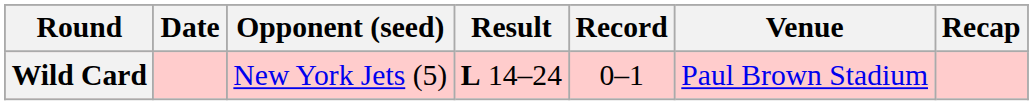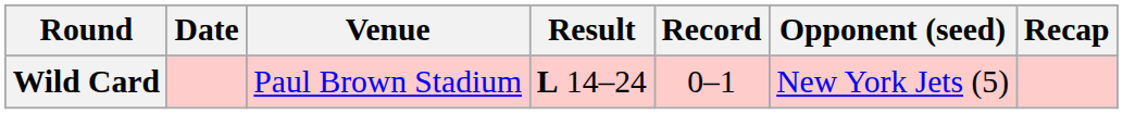 <table class="wikitable" style="text-align:center">
 <tr>
 <th>Round</th>
 <th>Date</th>
-<th>Opponent (seed)</th>
+<th>Venue</th>
 <th>Result</th>
 <th>Record</th>
-<th>Venue</th>
+<th>Opponent (seed)</th>
 <th>Recap</th>
 </tr>
 <tr style="background:#fcc">
 <th>Wild Card</th>
 <td></td>
-<td><a href='#'>New York Jets</a> (5)</td>
+<td><a href='#'>Paul Brown Stadium</a></td>
 <td><strong>L</strong> 14–24</td>
 <td>0–1</td>
-<td><a href='#'>Paul Brown Stadium</a></td>
+<td><a href='#'>New York Jets</a> (5)</td>
 <td></td>
 </tr>
 </table>
